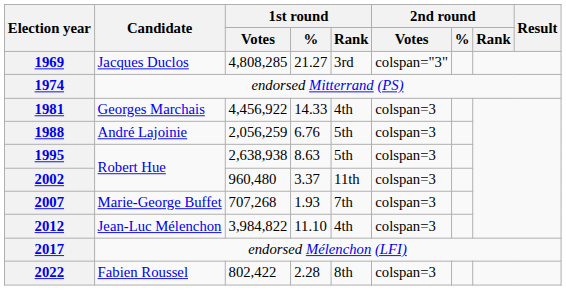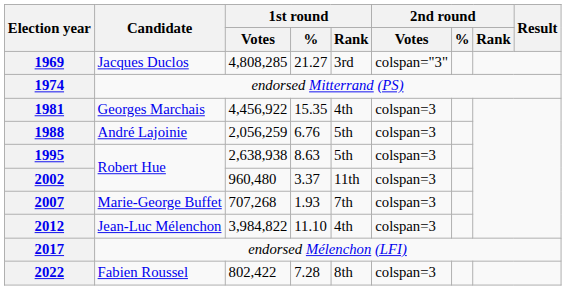 <table class=wikitable>
 <tr>
 <th rowspan=2>Election year</th>
 <th rowspan=2>Candidate</th>
 <th colspan="3">1st round</th>
 <th colspan="3">2nd round</th>
 <th rowspan="2">Result</th>
 </tr>
 <tr>
 <th>Votes</th>
 <th>%</th>
 <th>Rank</th>
 <th>Votes</th>
 <th>%</th>
 <th>Rank</th>
 </tr>
 <tr>
 <th><a href='#'>1969</a></th>
 <td><a href='#'>Jacques Duclos</a></td>
 <td>4,808,285</td>
 <td>21.27</td>
 <td> 3rd</td>
 <td>colspan="3" </td>
 <td></td>
 </tr>
 <tr>
 <th><a href='#'>1974</a></th>
 <td colspan=8 align=center><em>endorsed <a href='#'>Mitterrand</a> <a href='#'>(PS)</a></em></td>
 </tr>
 <tr>
 <th><a href='#'>1981</a></th>
 <td><a href='#'>Georges Marchais</a></td>
 <td>4,456,922</td>
-<td>14.33</td>
+<td>15.35</td>
 <td> 4th</td>
 <td>colspan=3 </td>
 <td></td>
 </tr>
 <tr>
 <th><a href='#'>1988</a></th>
 <td><a href='#'>André Lajoinie</a></td>
 <td>2,056,259</td>
 <td>6.76</td>
 <td> 5th</td>
 <td>colspan=3 </td>
 <td></td>
 </tr>
 <tr>
 <th><a href='#'>1995</a></th>
 <td rowspan=2><a href='#'>Robert Hue</a></td>
 <td>2,638,938</td>
 <td>8.63</td>
 <td> 5th</td>
 <td>colspan=3 </td>
 <td></td>
 </tr>
 <tr>
 <th><a href='#'>2002</a></th>
 <td>960,480</td>
 <td>3.37</td>
 <td> 11th</td>
 <td>colspan=3 </td>
 <td></td>
 </tr>
 <tr>
 <th><a href='#'>2007</a></th>
 <td><a href='#'>Marie-George Buffet</a></td>
 <td>707,268</td>
 <td>1.93</td>
 <td> 7th</td>
 <td>colspan=3 </td>
 <td></td>
 </tr>
 <tr>
 <th><a href='#'>2012</a></th>
 <td><a href='#'>Jean-Luc Mélenchon</a></td>
 <td>3,984,822</td>
 <td>11.10</td>
 <td> 4th</td>
 <td>colspan=3 </td>
 <td></td>
 </tr>
 <tr>
 <th><a href='#'>2017</a></th>
 <td colspan=8 align=center><em>endorsed <a href='#'>Mélenchon</a> <a href='#'>(LFI)</a></em></td>
 </tr>
 <tr>
 <th><a href='#'>2022</a></th>
 <td><a href='#'>Fabien Roussel</a></td>
 <td>802,422</td>
-<td>2.28</td>
+<td>7.28</td>
 <td> 8th</td>
 <td>colspan=3 </td>
 <td></td>
 </tr>
 </table>
